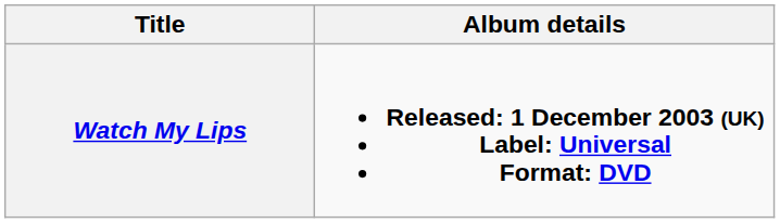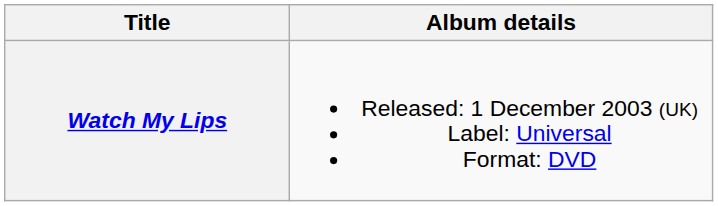 <table class="wikitable plainrowheaders" style="text-align:center;">
 <tr>
 <th scope="col" style="width:12em;">Title</th>
 <th scope="col" style="width:18em;">Album details</th>
 </tr>
 <tr>
 <th scope="row"><em><a href='#'>Watch My Lips</a></em></th>
-<td><strong><br><ul><li>Released: 1 December 2003 <small>(UK)</small></li><li>Label: <a href='#'>Universal</a></li><li>Format: <a href='#'>DVD</a></li></ul></strong></td>
+<td><br><ul><li>Released: 1 December 2003 <small>(UK)</small></li><li>Label: <a href='#'>Universal</a></li><li>Format: <a href='#'>DVD</a></li></ul></td>
 </tr>
 </table>
